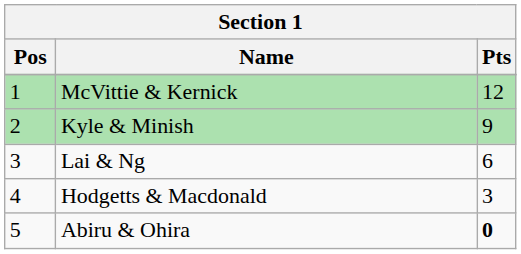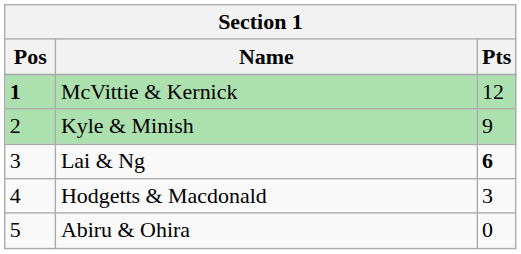 <table class="wikitable">
 <tr>
 <th colspan="6">Section 1</th>
 </tr>
 <tr>
 <th width=30>Pos</th>
 <th width=300>Name</th>
 <th width=20>Pts</th>
 </tr>
 <tr>
 </tr>
 <tr style="background:#ACE1AF;">
-<td>1</td>
+<td><strong>1</strong></td>
 <td> McVittie & Kernick</td>
 <td>12</td>
 </tr>
 <tr style="background:#ACE1AF;">
 <td>2</td>
 <td> Kyle & Minish</td>
 <td>9</td>
 </tr>
 <tr>
 <td>3</td>
 <td> Lai & Ng</td>
-<td>6</td>
+<td><strong>6</strong></td>
 </tr>
 <tr>
 <td>4</td>
 <td> Hodgetts & Macdonald</td>
 <td>3</td>
 </tr>
 <tr>
 <td>5</td>
 <td> Abiru & Ohira</td>
-<td><strong>0</strong></td>
+<td>0</td>
 </tr>
 </table>
